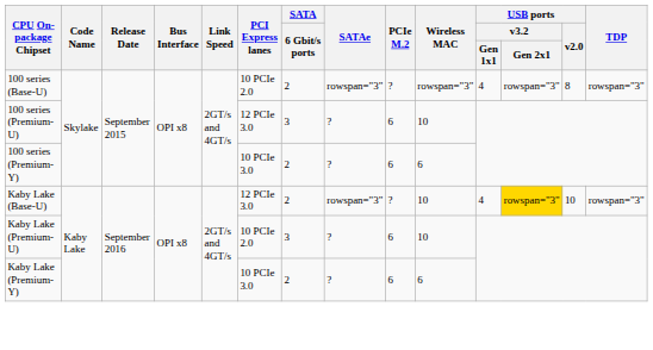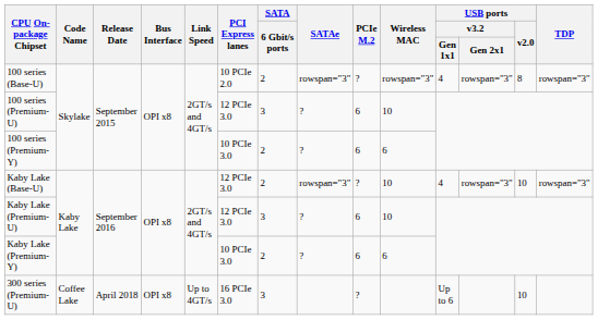 <table class="wikitable" style="font-size: 90%;">
 <tr>
 <th rowspan="3"><a href='#'>CPU</a> <a href='#'>On-package</a> Chipset</th>
 <th rowspan="3">Code Name</th>
 <th rowspan="3">Release Date</th>
 <th rowspan="3">Bus Interface</th>
 <th rowspan="3">Link Speed</th>
 <th rowspan="3"><a href='#'>PCI Express</a> lanes</th>
 <th><a href='#'>SATA</a></th>
 <th rowspan="3"><a href='#'>SATAe</a></th>
 <th rowspan="3">PCIe <a href='#'>M.2</a></th>
 <th rowspan="3">Wireless<br>MAC</th>
 <th colspan="3"><a href='#'>USB</a> ports</th>
 <th rowspan="3"><a href='#'>TDP</a></th>
 </tr>
 <tr>
 <th rowspan="2">6 Gbit/s ports</th>
 <th colspan="2">v3.2</th>
 <th rowspan="2">v2.0</th>
 </tr>
 <tr>
 <th>Gen 1x1</th>
 <th>Gen 2x1</th>
 </tr>
 <tr>
 <td>100 series (Base-U)</td>
 <td rowspan="3">Skylake</td>
 <td rowspan="3">September 2015</td>
 <td rowspan="3">OPI x8</td>
 <td rowspan="3">2GT/s and 4GT/s</td>
 <td>10 PCIe 2.0</td>
 <td>2</td>
 <td>rowspan="3" </td>
 <td>?</td>
 <td>rowspan="3" </td>
 <td>4</td>
 <td>rowspan="3" </td>
 <td>8</td>
 <td>rowspan="3" </td>
 </tr>
 <tr>
 <td>100 series (Premium-U)</td>
 <td>12 PCIe 3.0</td>
 <td>3</td>
 <td>?</td>
 <td>6</td>
 <td>10</td>
 </tr>
 <tr>
 <td>100 series (Premium-Y)</td>
 <td>10 PCIe 3.0</td>
 <td>2</td>
 <td>?</td>
 <td>6</td>
 <td>6</td>
 </tr>
 <tr>
 <td>Kaby Lake (Base-U)</td>
 <td rowspan="3">Kaby Lake</td>
 <td rowspan="3">September 2016</td>
 <td rowspan="3">OPI x8</td>
 <td rowspan="3">2GT/s and 4GT/s</td>
 <td>12 PCIe 3.0</td>
 <td>2</td>
 <td>rowspan="3" </td>
 <td>?</td>
 <td>10</td>
 <td>4</td>
-<td style="background: gold;">rowspan="3" </td>
+<td>rowspan="3" </td>
 <td>10</td>
 <td>rowspan="3" </td>
 </tr>
 <tr>
 <td>Kaby Lake (Premium-U)</td>
-<td>10 PCIe 2.0</td>
+<td>12 PCIe 3.0</td>
 <td>3</td>
 <td>?</td>
 <td>6</td>
 <td>10</td>
 </tr>
 <tr>
 <td>Kaby Lake (Premium-Y)</td>
 <td>10 PCIe 3.0</td>
 <td>2</td>
 <td>?</td>
 <td>6</td>
 <td>6</td>
 </tr>
+<tr>
+<td>300 series (Premium-U)</td>
+<td>Coffee Lake</td>
+<td>April 2018</td>
+<td>OPI x8</td>
+<td>Up to 4GT/s</td>
+<td>16 PCIe 3.0</td>
+<td>3</td>
+<td></td>
+<td>?</td>
+<td></td>
+<td>Up to 6</td>
+<td></td>
+<td>10</td>
+<td></td>
+</tr>
 </table>
